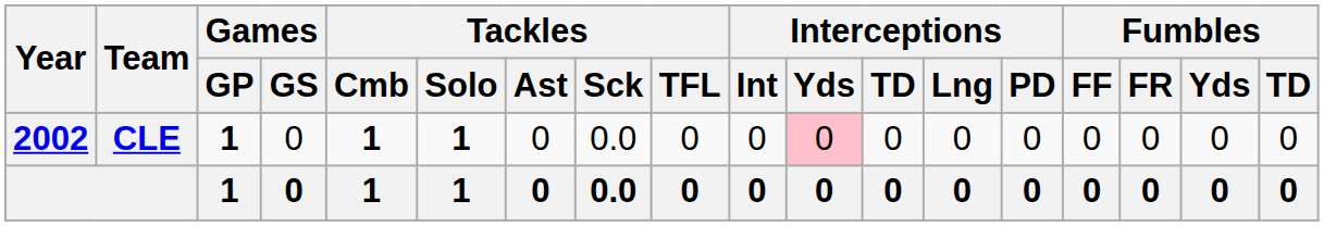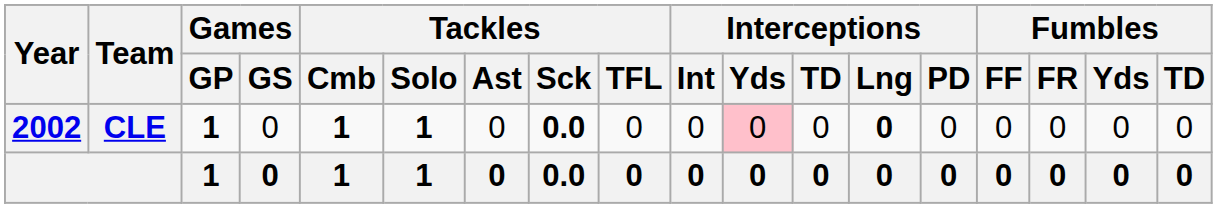 <table class="wikitable" style="text-align:center">
 <tr>
 <th rowspan="2">Year</th>
 <th rowspan="2">Team</th>
 <th colspan="2">Games</th>
 <th colspan="5">Tackles</th>
 <th colspan="5">Interceptions</th>
 <th colspan="4">Fumbles</th>
 </tr>
 <tr>
 <th>GP</th>
 <th>GS</th>
 <th>Cmb</th>
 <th>Solo</th>
 <th>Ast</th>
 <th>Sck</th>
 <th>TFL</th>
 <th>Int</th>
 <th>Yds</th>
 <th>TD</th>
 <th>Lng</th>
 <th>PD</th>
 <th>FF</th>
 <th>FR</th>
 <th>Yds</th>
 <th>TD</th>
 </tr>
 <tr>
 <th><a href='#'>2002</a></th>
 <th><a href='#'>CLE</a></th>
 <td><strong>1</strong></td>
 <td>0</td>
 <td><strong>1</strong></td>
 <td><strong>1</strong></td>
 <td>0</td>
-<td>0.0</td>
+<td><strong>0.0</strong></td>
 <td>0</td>
 <td>0</td>
 <td style="background: pink;">0</td>
 <td>0</td>
-<td>0</td>
+<td><strong>0</strong></td>
 <td>0</td>
 <td>0</td>
 <td>0</td>
 <td>0</td>
 <td>0</td>
 </tr>
 <tr>
 <th colspan="2"></th>
 <th>1</th>
 <th>0</th>
 <th>1</th>
 <th>1</th>
 <th>0</th>
 <th>0.0</th>
 <th>0</th>
 <th>0</th>
 <th>0</th>
 <th>0</th>
 <th>0</th>
 <th>0</th>
 <th>0</th>
 <th>0</th>
 <th>0</th>
 <th>0</th>
 </tr>
 </table>
